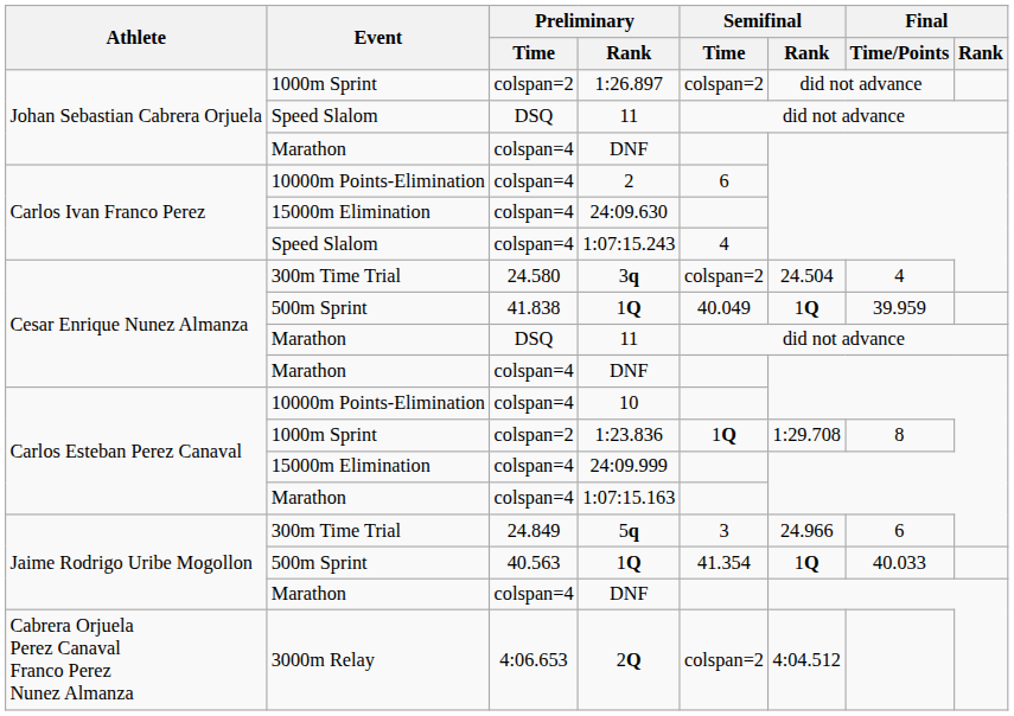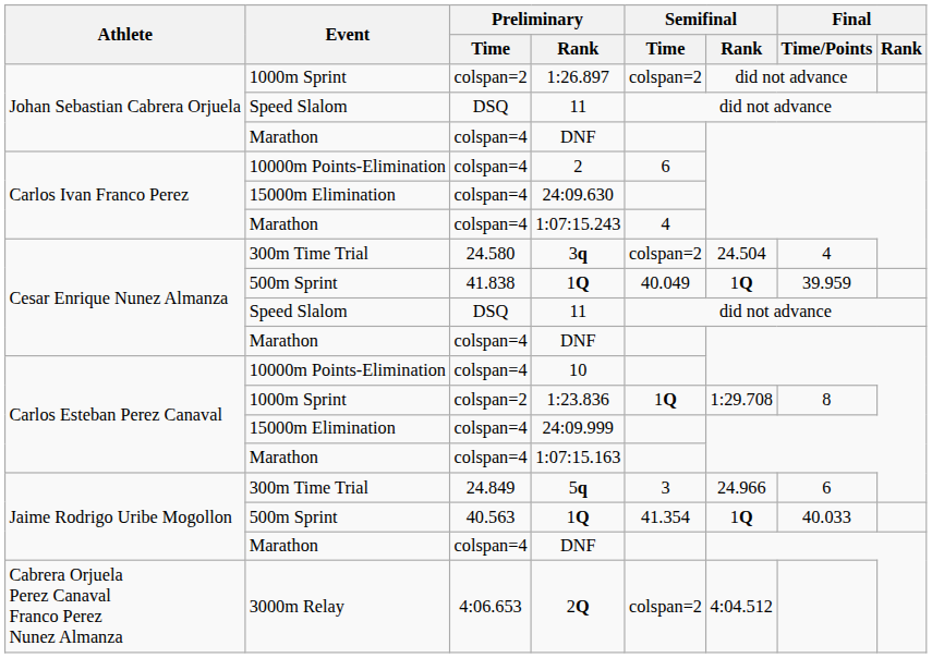 <table class="wikitable" border="1" style="font-size:90%">
 <tr>
 <th rowspan=2>Athlete</th>
 <th rowspan=2>Event</th>
 <th colspan=2>Preliminary</th>
 <th colspan=2>Semifinal</th>
 <th colspan=2>Final</th>
 </tr>
 <tr>
 <th>Time</th>
 <th>Rank</th>
 <th>Time</th>
 <th>Rank</th>
 <th>Time/Points</th>
 <th>Rank</th>
 </tr>
 <tr align=center>
 <td align=left rowspan=3>Johan Sebastian Cabrera Orjuela</td>
 <td align=left>1000m Sprint</td>
 <td>colspan=2 </td>
 <td>1:26.897</td>
 <td>colspan=2 </td>
 <td colspan=2>did not advance</td>
 </tr>
 <tr align=center>
 <td align=left>Speed Slalom</td>
 <td>DSQ</td>
 <td>11</td>
 <td colspan=4>did not advance</td>
 </tr>
 <tr align=center>
 <td align=left>Marathon</td>
 <td>colspan=4 </td>
 <td>DNF</td>
 <td></td>
 </tr>
 <tr align=center>
 <td align=left rowspan=3>Carlos Ivan Franco Perez</td>
 <td align=left>10000m Points-Elimination</td>
 <td>colspan=4 </td>
 <td>2</td>
 <td>6</td>
 </tr>
 <tr align=center>
 <td align=left>15000m Elimination</td>
 <td>colspan=4 </td>
 <td>24:09.630</td>
 <td></td>
 </tr>
 <tr align=center>
-<td align=left>Speed Slalom</td>
+<td align=left>Marathon</td>
 <td>colspan=4 </td>
 <td>1:07:15.243</td>
 <td>4</td>
 </tr>
 <tr align=center>
 <td align=left rowspan=4>Cesar Enrique Nunez Almanza</td>
 <td align=left>300m Time Trial</td>
 <td>24.580</td>
 <td>3<strong>q</strong></td>
 <td>colspan=2 </td>
 <td>24.504</td>
 <td>4</td>
 </tr>
 <tr align=center>
 <td align=left>500m Sprint</td>
 <td>41.838</td>
 <td>1<strong>Q</strong></td>
 <td>40.049</td>
 <td>1<strong>Q</strong></td>
 <td>39.959</td>
 <td></td>
 </tr>
 <tr align=center>
-<td align=left>Marathon</td>
+<td align=left>Speed Slalom</td>
 <td>DSQ</td>
 <td>11</td>
 <td colspan=4>did not advance</td>
 </tr>
 <tr align=center>
 <td align=left>Marathon</td>
 <td>colspan=4 </td>
 <td>DNF</td>
 <td></td>
 </tr>
 <tr align=center>
 <td align=left rowspan=4>Carlos Esteban Perez Canaval</td>
 <td align=left>10000m Points-Elimination</td>
 <td>colspan=4 </td>
 <td>10</td>
 <td></td>
 </tr>
 <tr align=center>
 <td align=left>1000m Sprint</td>
 <td>colspan=2 </td>
 <td>1:23.836</td>
 <td>1<strong>Q</strong></td>
 <td>1:29.708</td>
 <td>8</td>
 </tr>
 <tr align=center>
 <td align=left>15000m Elimination</td>
 <td>colspan=4 </td>
 <td>24:09.999</td>
 <td></td>
 </tr>
 <tr align=center>
 <td align=left>Marathon</td>
 <td>colspan=4 </td>
 <td>1:07:15.163</td>
 <td></td>
 </tr>
 <tr align=center>
 <td align=left rowspan=3>Jaime Rodrigo Uribe Mogollon</td>
 <td align=left>300m Time Trial</td>
 <td>24.849</td>
 <td>5<strong>q</strong></td>
 <td>3</td>
 <td>24.966</td>
 <td>6</td>
 </tr>
 <tr align=center>
 <td align=left>500m Sprint</td>
 <td>40.563</td>
 <td>1<strong>Q</strong></td>
 <td>41.354</td>
 <td>1<strong>Q</strong></td>
 <td>40.033</td>
 <td></td>
 </tr>
 <tr align=center>
 <td align=left>Marathon</td>
 <td>colspan=4 </td>
 <td>DNF</td>
 <td></td>
 </tr>
 <tr align=center>
 <td align=left>Cabrera Orjuela<br>Perez Canaval<br>Franco Perez<br>Nunez Almanza</td>
 <td align=left>3000m Relay</td>
 <td>4:06.653</td>
 <td>2<strong>Q</strong></td>
 <td>colspan=2 </td>
 <td>4:04.512</td>
 <td></td>
 </tr>
 </table>
